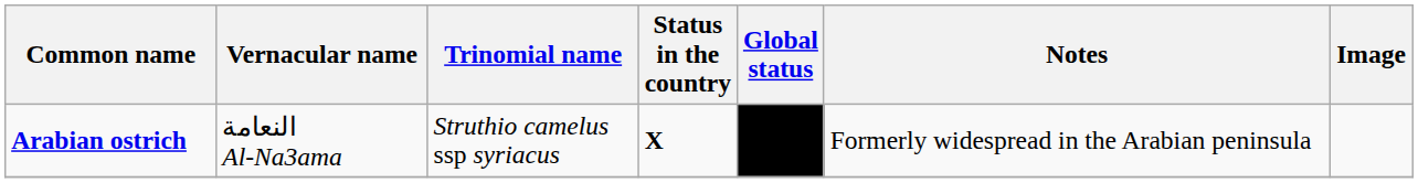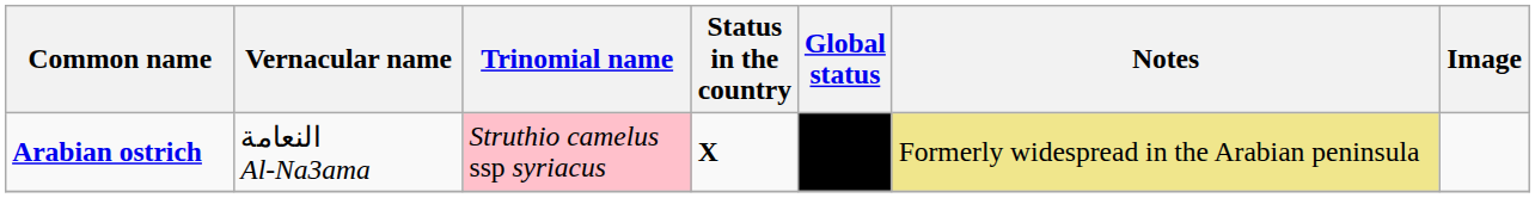 <table class="wikitable sortable">
 <tr>
 <th width="15%">Common name</th>
 <th width="15%">Vernacular name</th>
 <th width="15%"><a href='#'>Trinomial name</a></th>
 <th width="1%">Status in the country</th>
 <th width="5%"><a href='#'>Global status</a></th>
 <th class="unsortable">Notes</th>
 <th class="unsortable">Image</th>
 </tr>
 <tr>
 <td><strong><a href='#'>Arabian ostrich</a></strong></td>
 <td>النعامة<br><em>Al-Na3ama</em></td>
-<td><em>Struthio camelus</em> ssp <em>syriacus</em></td>
+<td style="background: pink;"><em>Struthio camelus</em> ssp <em>syriacus</em></td>
 <td><strong>X</strong></td>
 <td align=center style="background: #000000"></td>
-<td>Formerly widespread in the Arabian peninsula</td>
+<td style="background: khaki;">Formerly widespread in the Arabian peninsula</td>
 <td></td>
 </tr>
 <tr>
 </tr>
 </table>
